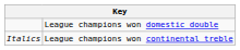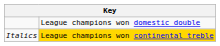 <table class="wikitable" style="font-size:90%;">
 <tr>
 <th colspan="2">Key</th>
 </tr>
 <tr>
 <td align="left"></td>
 <td align="left">League champions won <a href='#'>domestic double</a></td>
 </tr>
 <tr>
 <td align="center"><em>Italics</em></td>
-<td align="left">League champions won <a href='#'>continental treble</a></td>
+<td align="left" style="background: gold;">League champions won <a href='#'>continental treble</a></td>
 </tr>
 </table>
